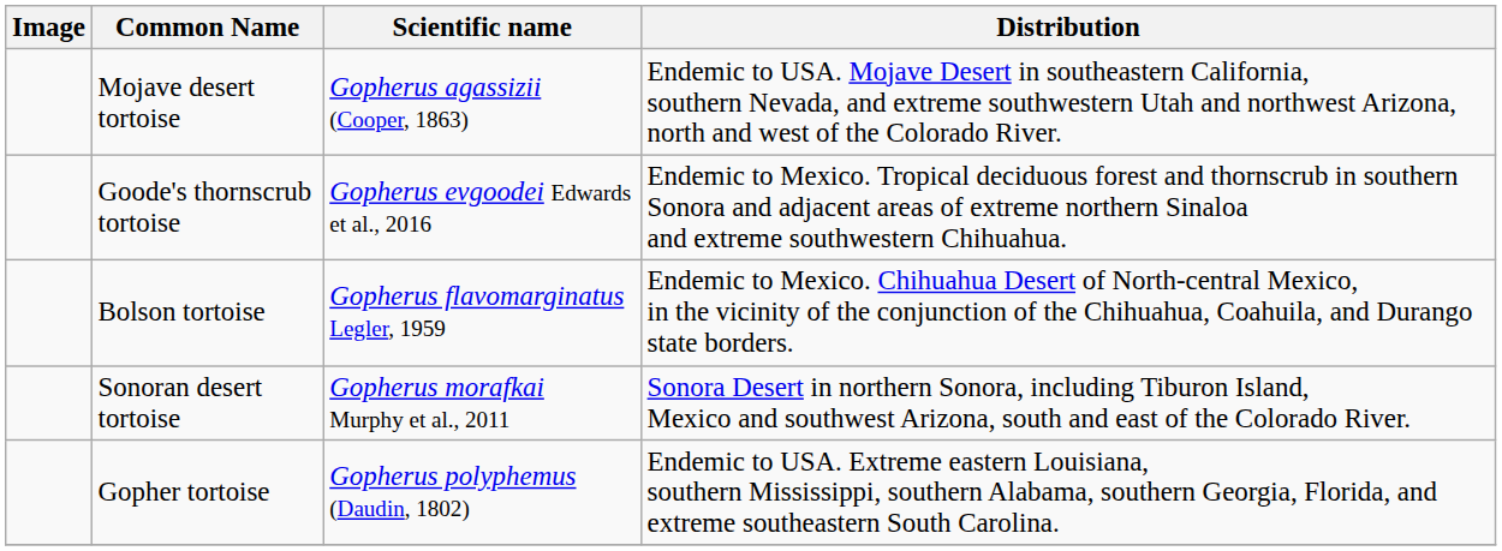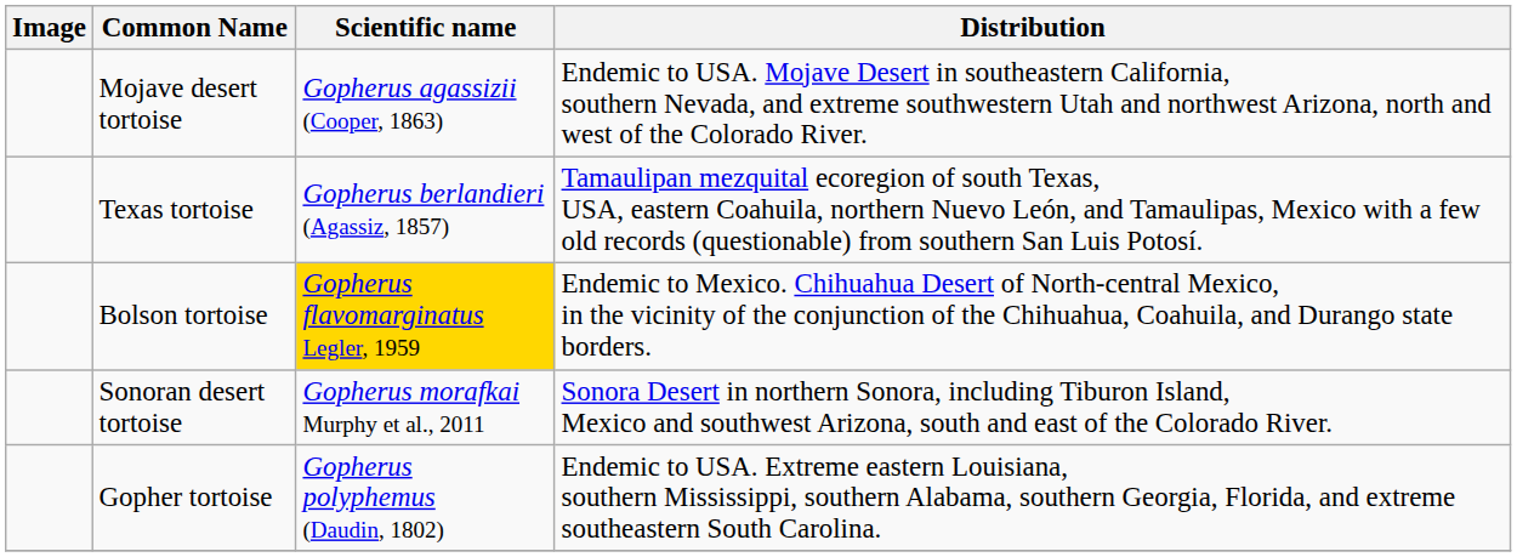 <table class="wikitable">
 <tr>
 <th>Image</th>
 <th>Common Name</th>
 <th>Scientific name</th>
 <th>Distribution</th>
 </tr>
 <tr>
 <td></td>
 <td>Mojave desert tortoise</td>
 <td><em><a href='#'>Gopherus agassizii</a></em><br><small>(<a href='#'>Cooper</a>, 1863)</small></td>
 <td>Endemic to USA. <a href='#'>Mojave Desert</a> in southeastern California,<br>southern Nevada, and extreme southwestern Utah and  northwest Arizona, north and west of the Colorado River.</td>
 </tr>
 <tr>
 <td></td>
-<td>Goode's thornscrub tortoise</td>
-<td><em><a href='#'>Gopherus evgoodei</a></em> <small>Edwards et al., 2016</small></td>
-<td>Endemic to Mexico. Tropical deciduous forest and thornscrub in southern Sonora and adjacent areas of extreme northern Sinaloa<br>and extreme southwestern Chihuahua.</td>
+<td>Texas tortoise</td>
+<td><em><a href='#'>Gopherus berlandieri</a></em><br><small>(<a href='#'>Agassiz</a>, 1857)</small></td>
+<td><a href='#'>Tamaulipan mezquital</a> ecoregion of south Texas,<br>USA, eastern Coahuila, northern Nuevo León, and Tamaulipas, Mexico with a few old records (questionable) from southern San Luis Potosí.</td>
 </tr>
 <tr>
 <td></td>
 <td>Bolson tortoise</td>
-<td><em><a href='#'>Gopherus flavomarginatus</a></em><br><small><a href='#'>Legler</a>, 1959</small></td>
+<td style="background: gold;"><em><a href='#'>Gopherus flavomarginatus</a></em><br><small><a href='#'>Legler</a>, 1959</small></td>
 <td>Endemic to Mexico. <a href='#'>Chihuahua Desert</a> of North-central Mexico,<br>in the vicinity of the conjunction of the Chihuahua, Coahuila, and Durango state borders.</td>
 </tr>
 <tr>
 <td></td>
 <td>Sonoran desert tortoise</td>
 <td><em><a href='#'>Gopherus morafkai</a></em><br><small>Murphy et al., 2011</small></td>
 <td><a href='#'>Sonora Desert</a> in northern Sonora, including Tiburon Island,<br>Mexico and southwest Arizona, south and east of the Colorado River.</td>
 </tr>
 <tr>
 <td></td>
 <td>Gopher tortoise</td>
 <td><em><a href='#'>Gopherus polyphemus</a></em><br><small>(<a href='#'>Daudin</a>, 1802)</small></td>
 <td>Endemic to USA. Extreme eastern Louisiana,<br>southern Mississippi, southern Alabama, southern Georgia,  Florida, and extreme southeastern South Carolina.</td>
 </tr>
 <tr>
 </tr>
 </table>
